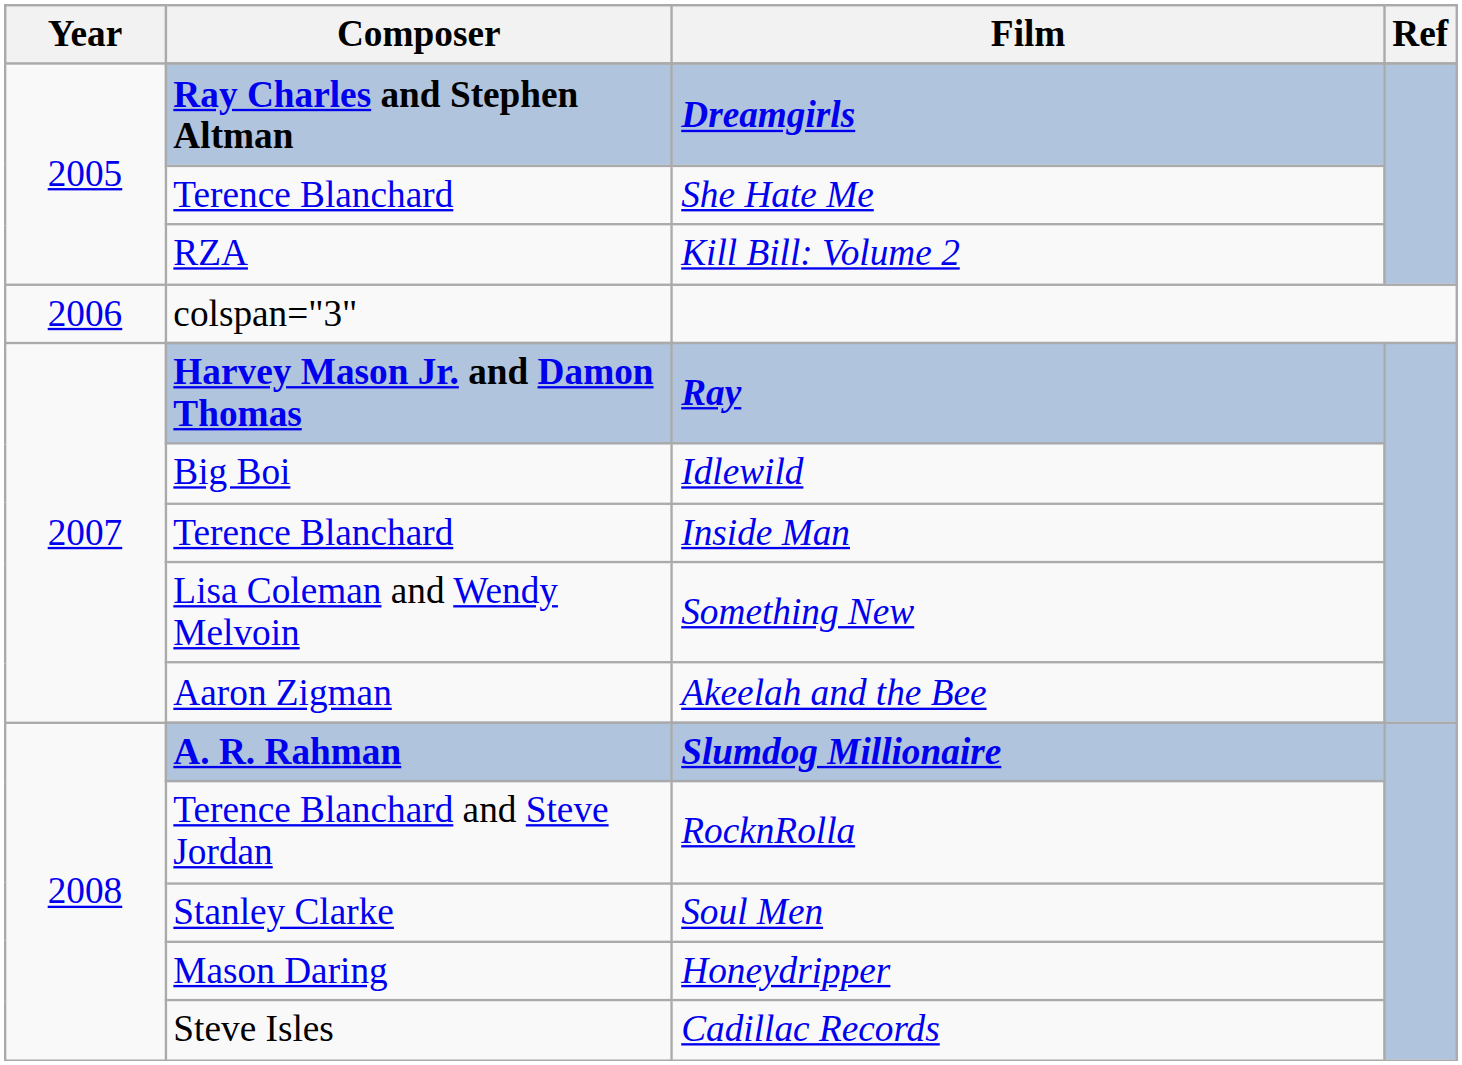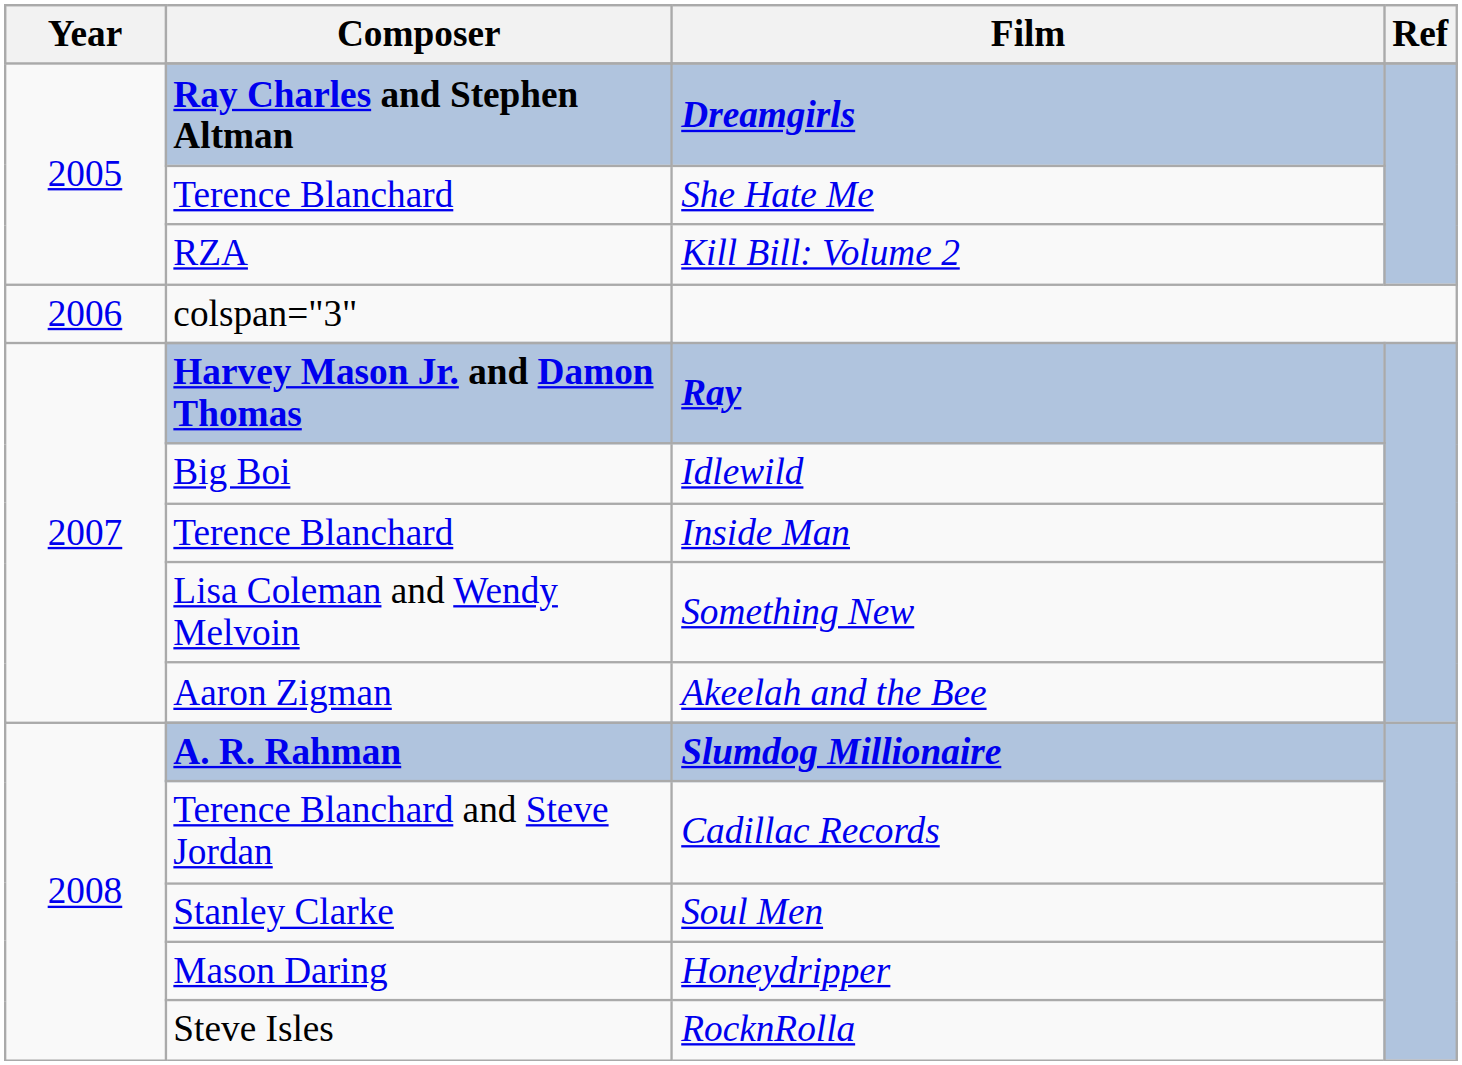 <table class="wikitable" style="width:100%;">
 <tr style="background:#bebebe;">
 <th style="width:11%;">Year</th>
 <th style="width:35%;">Composer</th>
 <th style="width:49%;">Film</th>
 <th style="width:5%;">Ref</th>
 </tr>
 <tr>
 <td rowspan="4" align="center"><a href='#'>2005</a></td>
 </tr>
 <tr style="background:#B0C4DE">
 <td><strong><a href='#'>Ray Charles</a> and Stephen Altman</strong></td>
 <td><strong><em><a href='#'>Dreamgirls</a></em></strong></td>
 <td rowspan="3" align="center"></td>
 </tr>
 <tr>
 <td><a href='#'>Terence Blanchard</a></td>
 <td><em><a href='#'>She Hate Me</a></em></td>
 </tr>
 <tr>
 <td><a href='#'>RZA</a></td>
 <td><em><a href='#'>Kill Bill: Volume 2</a></em></td>
 </tr>
 <tr>
 <td align="center"><a href='#'>2006</a></td>
 <td>colspan="3" </td>
 </tr>
 <tr>
 <td rowspan="6" align="center"><a href='#'>2007</a></td>
 </tr>
 <tr style="background:#B0C4DE">
 <td><strong><a href='#'>Harvey Mason Jr.</a> and <a href='#'>Damon Thomas</a></strong></td>
 <td><strong><em><a href='#'>Ray</a></em></strong></td>
 <td rowspan="6" align="center"></td>
 </tr>
 <tr>
 <td><a href='#'>Big Boi</a></td>
 <td><em><a href='#'>Idlewild</a></em></td>
 </tr>
 <tr>
 <td><a href='#'>Terence Blanchard</a></td>
 <td><em><a href='#'>Inside Man</a></em></td>
 </tr>
 <tr>
 <td><a href='#'>Lisa Coleman</a> and <a href='#'>Wendy Melvoin</a></td>
 <td><em><a href='#'>Something New</a></em></td>
 </tr>
 <tr>
 <td><a href='#'>Aaron Zigman</a></td>
 <td><em><a href='#'>Akeelah and the Bee</a></em></td>
 </tr>
 <tr>
 <td rowspan="6" align="center"><a href='#'>2008</a></td>
 </tr>
 <tr style="background:#B0C4DE">
 <td><strong><a href='#'>A. R. Rahman</a></strong></td>
 <td><strong><em><a href='#'>Slumdog Millionaire</a></em></strong></td>
 <td rowspan="6" align="center"></td>
 </tr>
 <tr>
 <td><a href='#'>Terence Blanchard</a> and <a href='#'>Steve Jordan</a></td>
-<td><em><a href='#'>RocknRolla</a></em></td>
+<td><em><a href='#'>Cadillac Records</a></em></td>
 </tr>
 <tr>
 <td><a href='#'>Stanley Clarke</a></td>
 <td><em><a href='#'>Soul Men</a></em></td>
 </tr>
 <tr>
 <td><a href='#'>Mason Daring</a></td>
 <td><em><a href='#'>Honeydripper</a></em></td>
 </tr>
 <tr>
 <td>Steve Isles</td>
-<td><em><a href='#'>Cadillac Records</a></em></td>
+<td><em><a href='#'>RocknRolla</a></em></td>
 </tr>
 </table>
